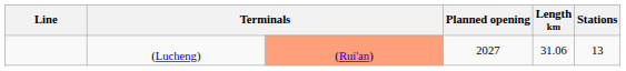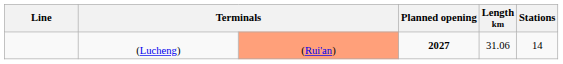 <table class="wikitable" style="cell-padding:1.5; font-size:96%; text-align:center;">
 <tr>
 <th data-sort-type="text"style="width:100px;">Line</th>
 <th class="unsortable" colspan="2" style="width:400px; line-height:1.05">Terminals</th>
 <th>Planned opening</th>
 <th style="line-height:1.05">Length<br><small>km</small></th>
 <th style="line-height:1.05">Stations</th>
 </tr>
 <tr>
 <td style="text-align:center; line-height:1.05"></td>
 <td style="text-align:center; width:225px; line-height:1.05"><strong></strong><br>(<a href='#'>Lucheng</a>)</td>
 <td style="background: lightsalmon; text-align:center; width:225px; line-height:1.05"><strong></strong><br>(<a href='#'>Rui'an</a>)</td>
-<td style="text-align:center; line-height:1.05">2027</td>
+<td style="text-align:center; line-height:1.05"><strong>2027</strong></td>
 <td style="text-align:center; line-height:1.05">31.06</td>
-<td style="text-align:center; line-height:1.05">13</td>
+<td style="text-align:center; line-height:1.05">14</td>
 </tr>
 </table>
